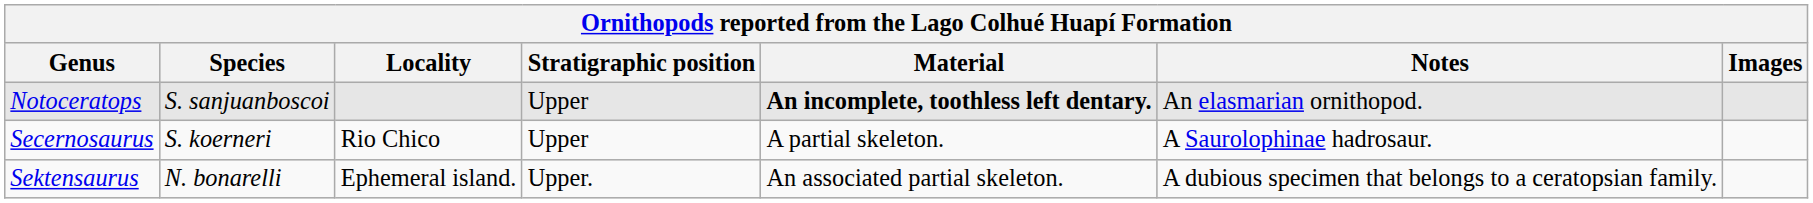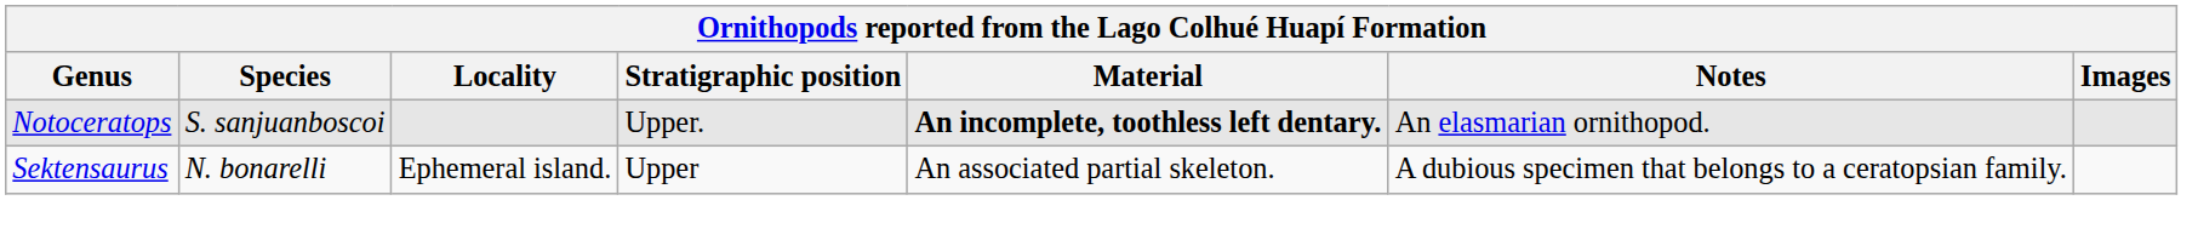 <table class="wikitable" align="center">
 <tr>
 <th colspan="7" align="center"><strong><a href='#'>Ornithopods</a> reported from the Lago Colhué Huapí Formation</strong></th>
 </tr>
 <tr>
 <th>Genus</th>
 <th>Species</th>
 <th>Locality</th>
 <th>Stratigraphic position</th>
 <th>Material</th>
 <th>Notes</th>
 <th>Images</th>
 </tr>
 <tr style="background:#E6E6E6;">
 <td><em><a href='#'>Notoceratops</a></em></td>
 <td><em>S. sanjuanboscoi</em></td>
 <td></td>
-<td>Upper</td>
+<td>Upper.</td>
 <td><strong>An incomplete, toothless left dentary.</strong></td>
 <td>An <a href='#'>elasmarian</a> ornithopod.</td>
-<td></td>
-</tr>
-<tr>
-<td><em><a href='#'>Secernosaurus</a></em></td>
-<td><em>S. koerneri</em></td>
-<td>Rio Chico</td>
-<td>Upper</td>
-<td>A partial skeleton.</td>
-<td>A <a href='#'>Saurolophinae</a> hadrosaur.</td>
 <td></td>
 </tr>
 <tr>
 <td><em><a href='#'>Sektensaurus</a></em></td>
 <td><em>N. bonarelli</em></td>
 <td>Ephemeral island.</td>
-<td>Upper.</td>
+<td>Upper</td>
 <td>An associated partial skeleton.</td>
 <td>A dubious specimen that belongs to a ceratopsian family.</td>
 <td></td>
 </tr>
 </table>
